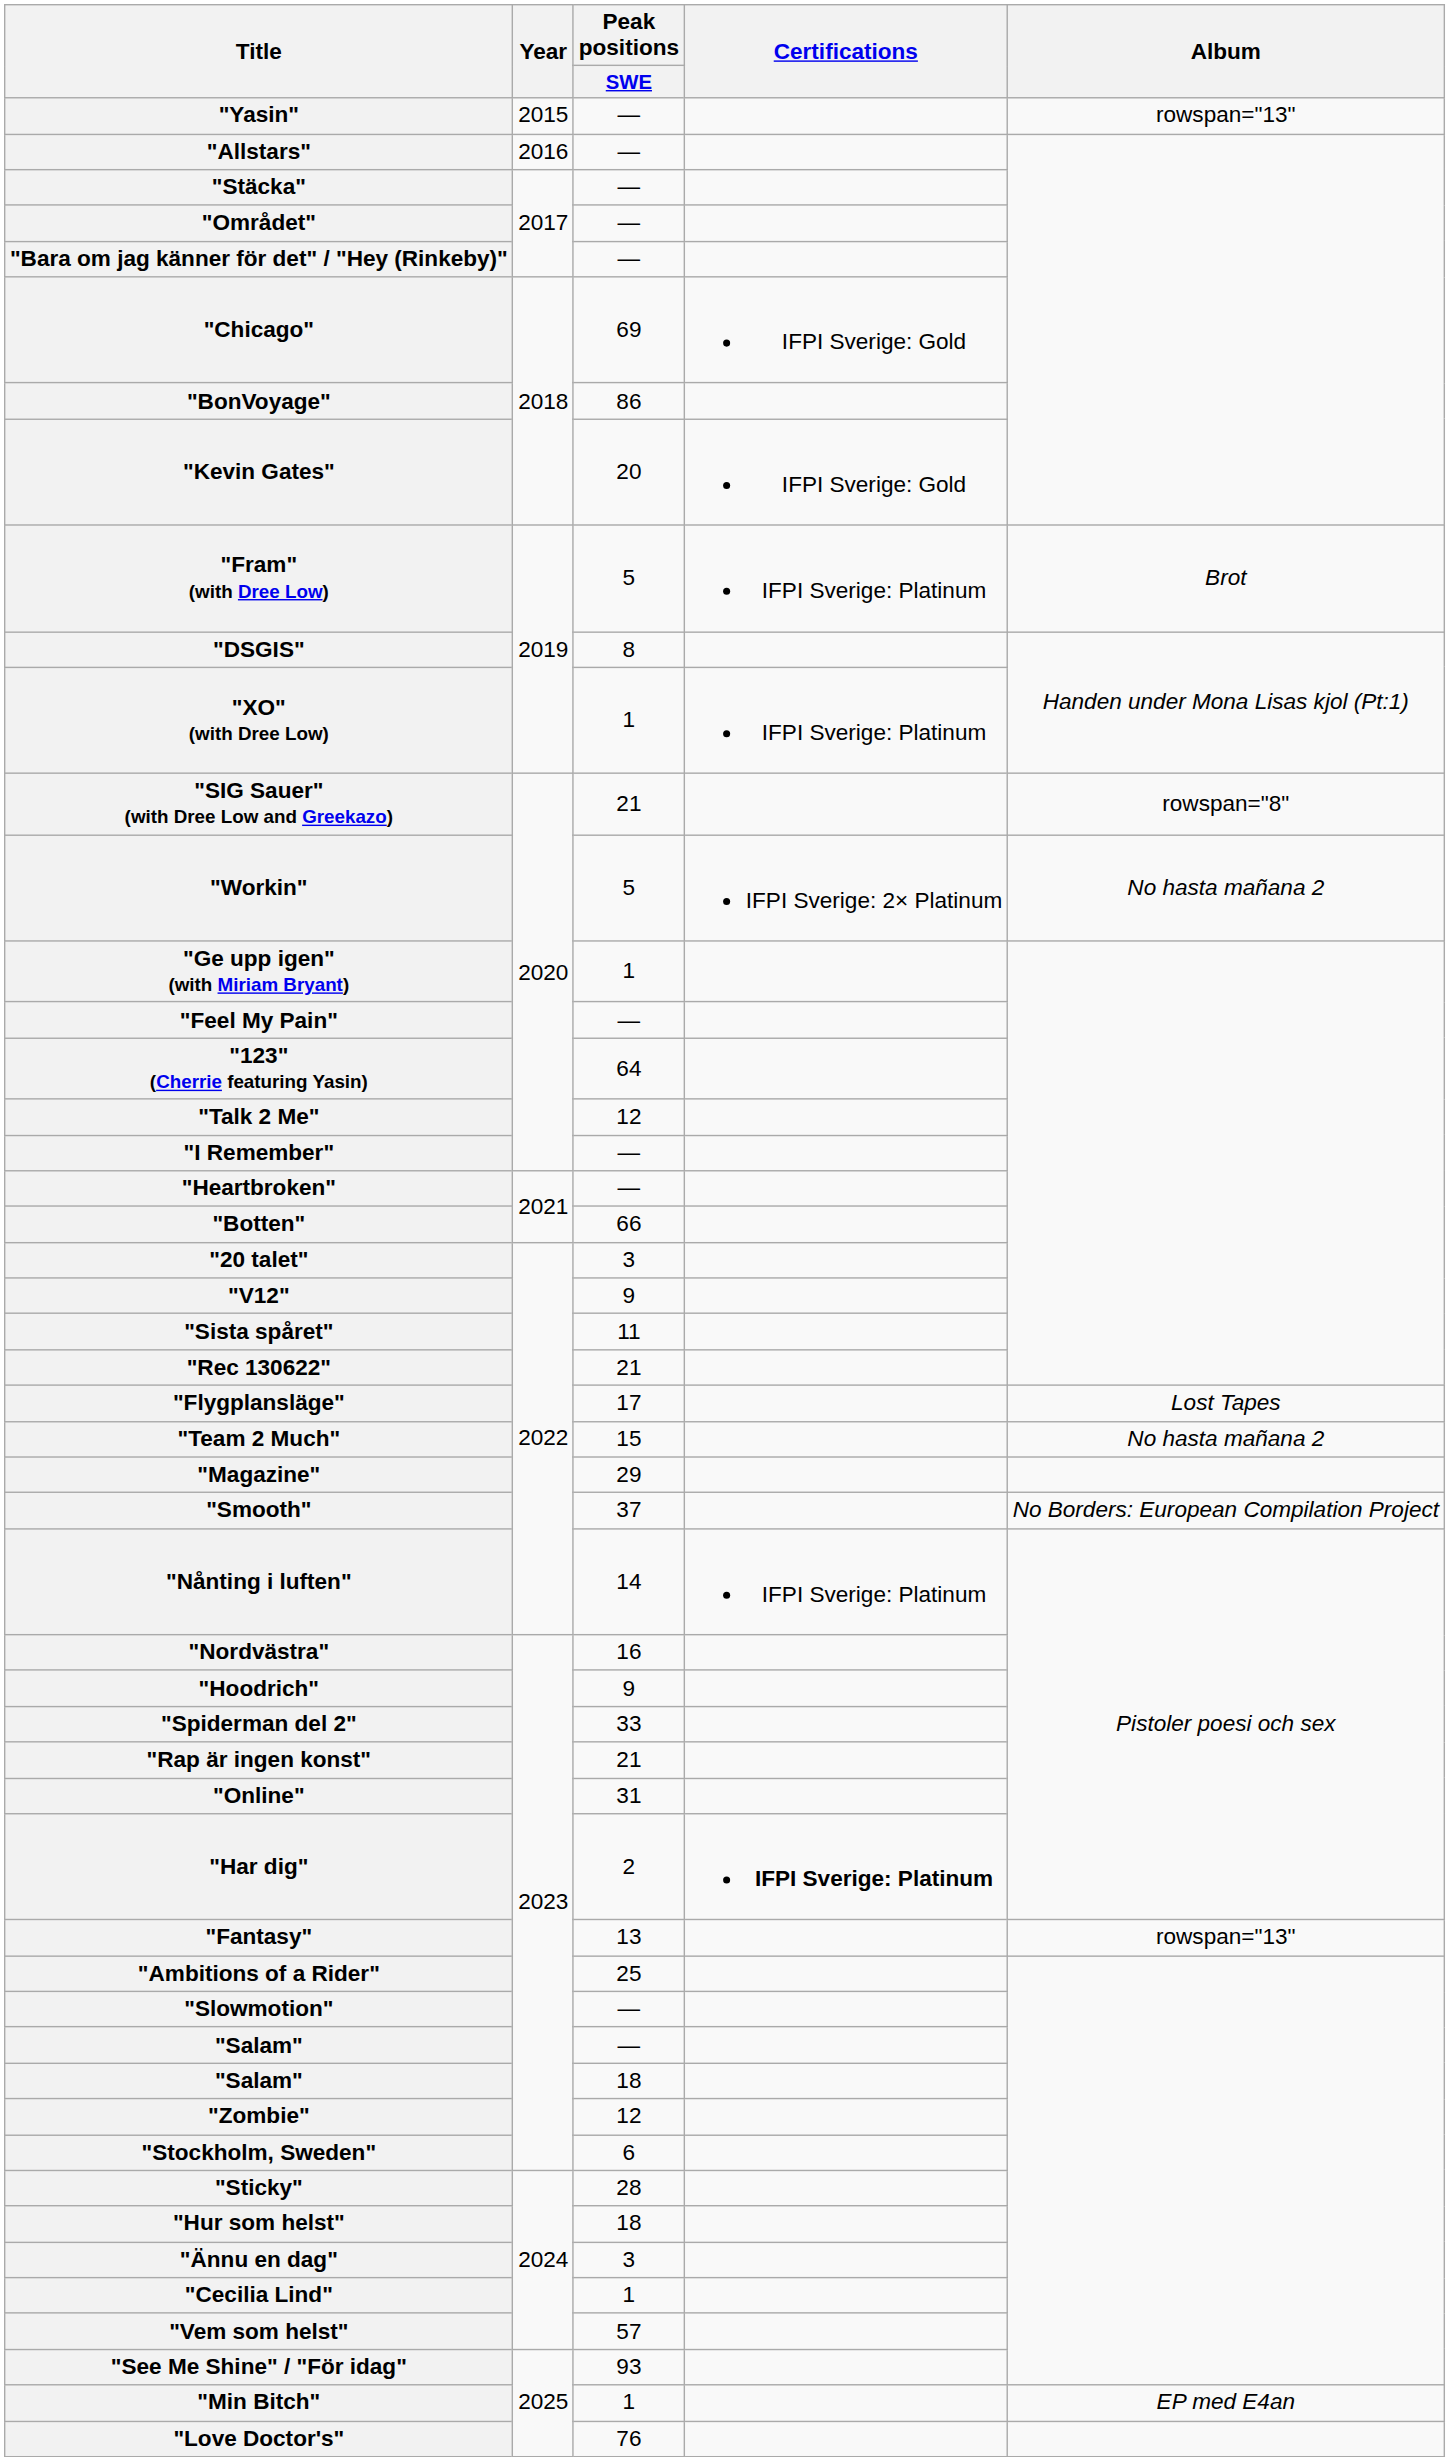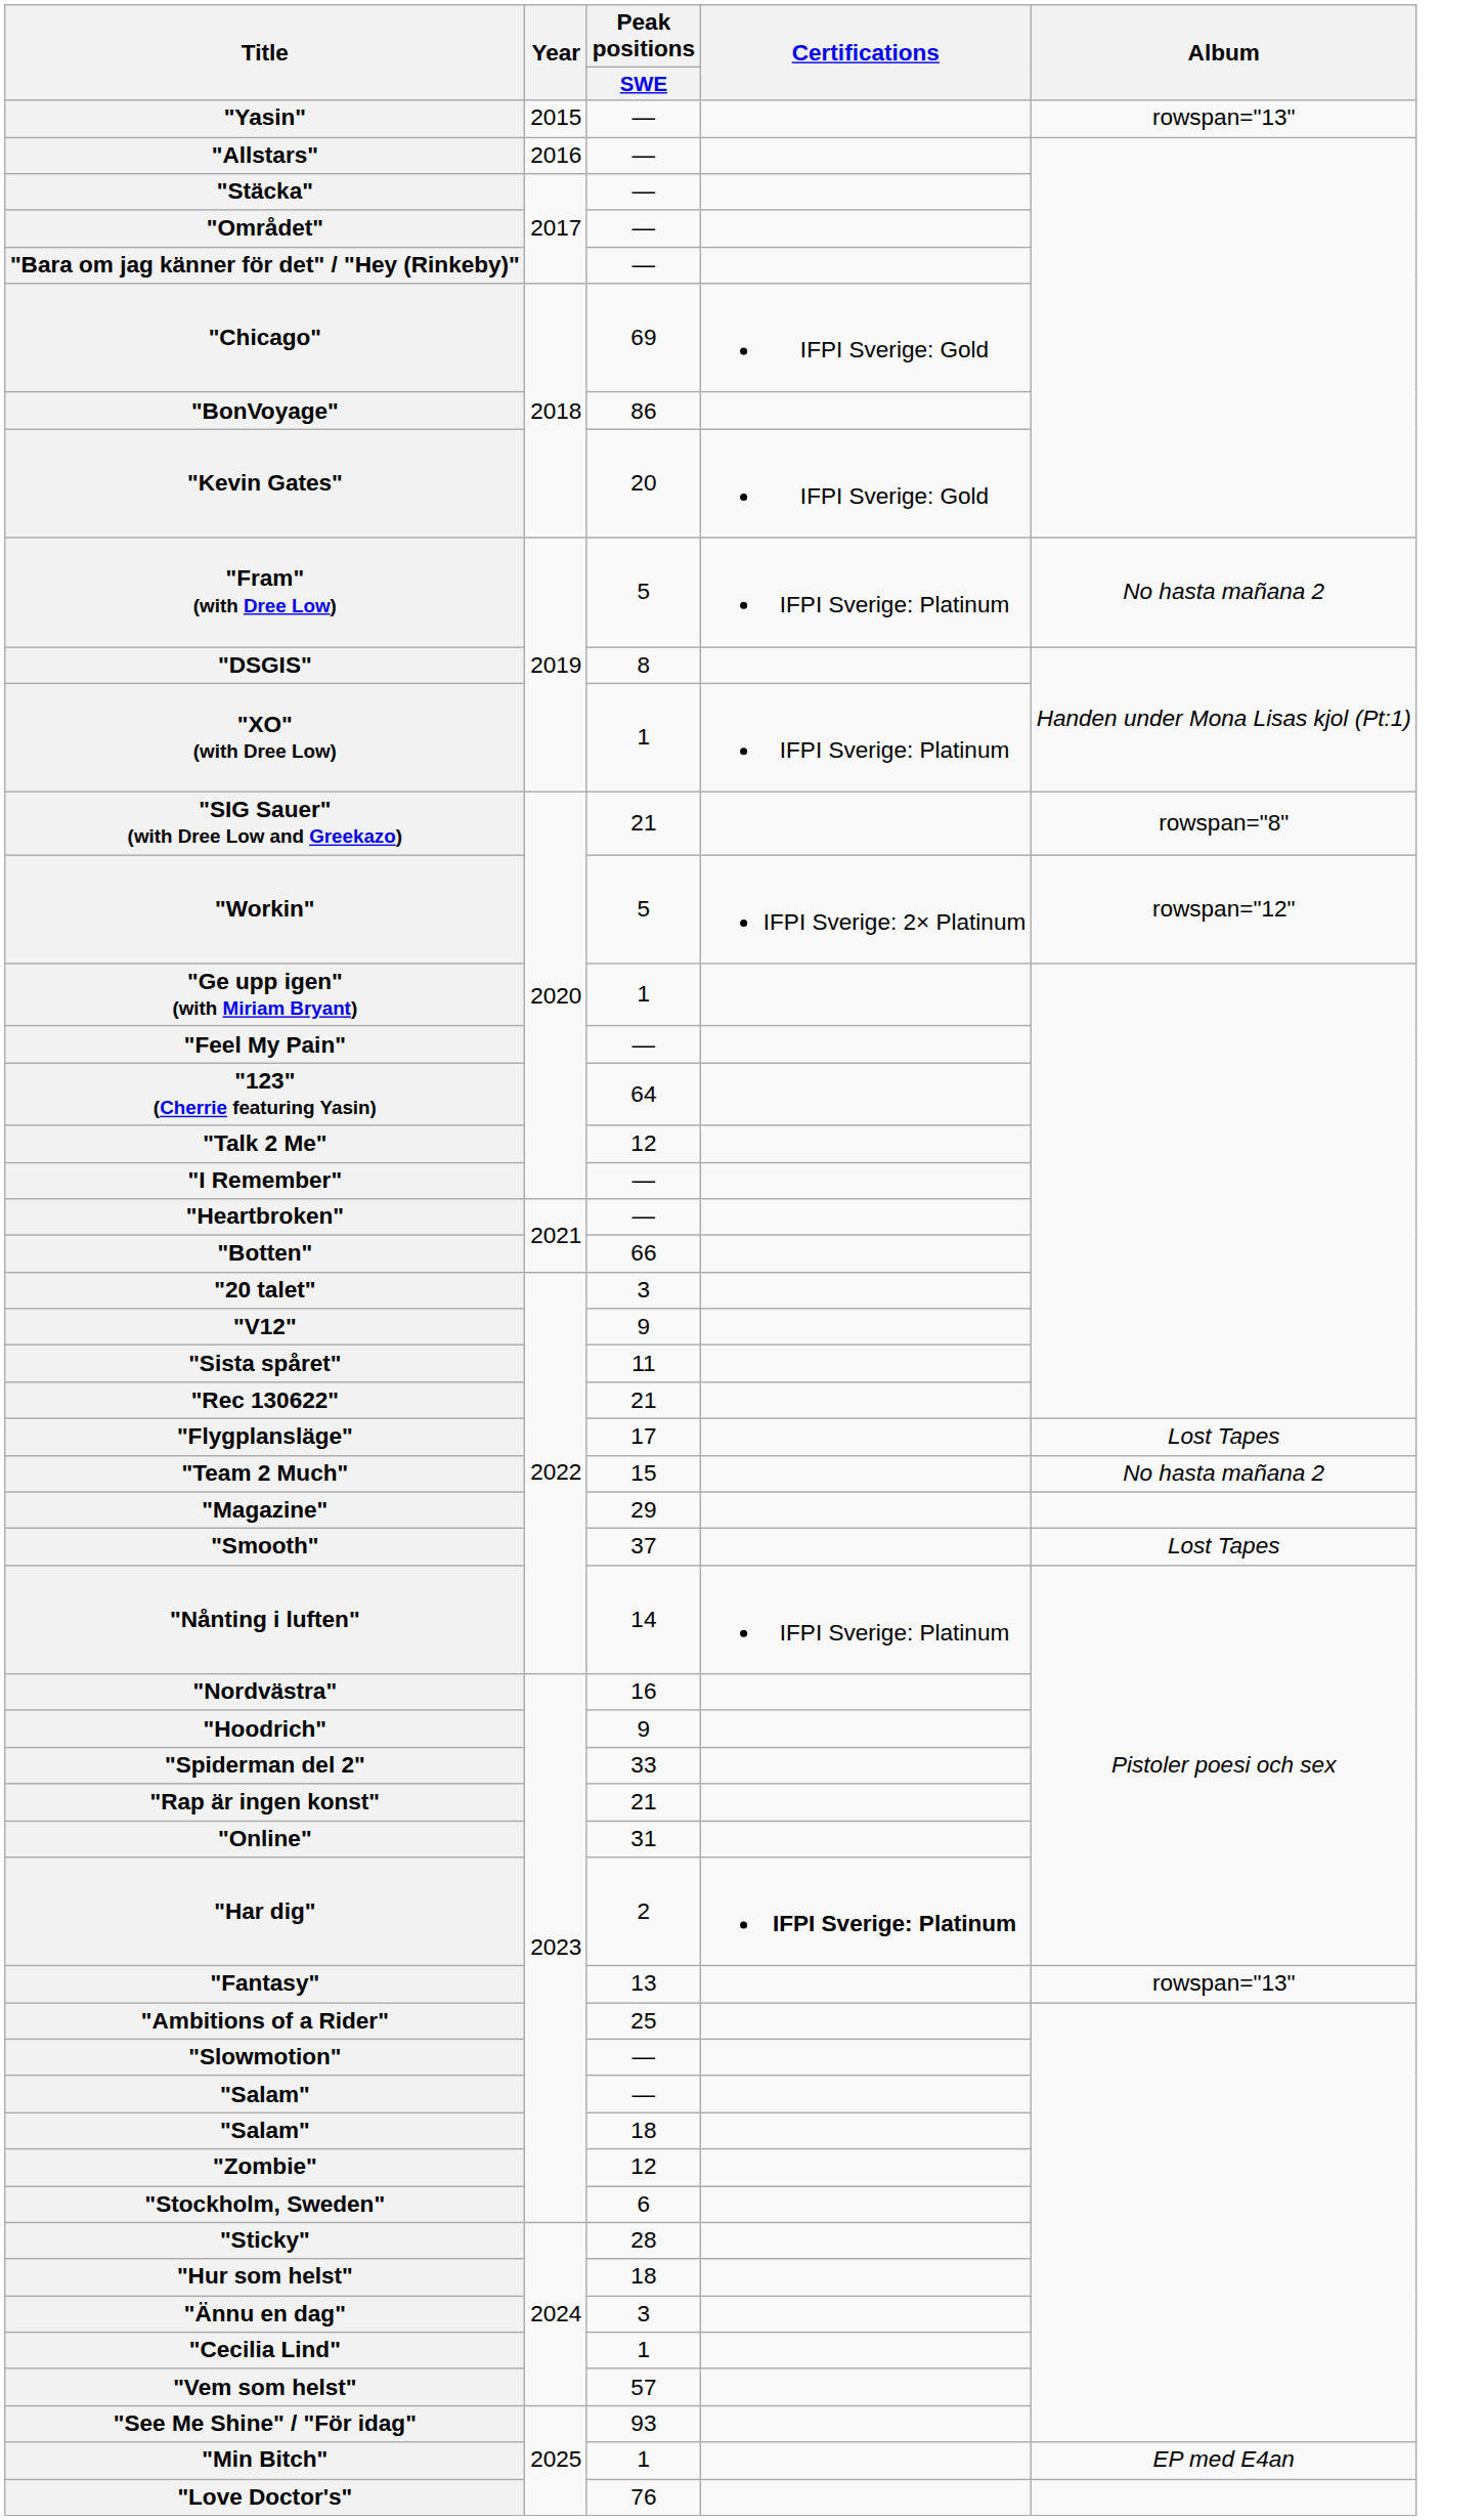 <table class="wikitable plainrowheaders" style="text-align:center">
 <tr>
 <th scope="col" rowspan="2">Title</th>
 <th scope="col" rowspan="2">Year</th>
 <th scope="col" colspan="1">Peak positions</th>
 <th scope="col" rowspan="2"><a href='#'>Certifications</a></th>
 <th scope="col" rowspan="2">Album</th>
 </tr>
 <tr>
 <th scope="col" style="width:3em;font-size:90%;"><a href='#'>SWE</a><br></th>
 </tr>
 <tr>
 <th scope="row">"Yasin"</th>
 <td>2015</td>
 <td>—</td>
 <td></td>
 <td>rowspan="13" </td>
 </tr>
 <tr>
 <th scope="row">"Allstars"</th>
 <td>2016</td>
 <td>—</td>
 <td></td>
 </tr>
 <tr>
 <th scope="row">"Stäcka"</th>
 <td rowspan="3">2017</td>
 <td>—</td>
 <td></td>
 </tr>
 <tr>
 <th scope="row">"Området"</th>
 <td>—</td>
 <td></td>
 </tr>
 <tr>
 <th scope="row">"Bara om jag känner för det" / "Hey (Rinkeby)"</th>
 <td>—</td>
 <td></td>
 </tr>
 <tr>
 <th scope="row">"Chicago"</th>
 <td rowspan="3">2018</td>
 <td>69</td>
 <td><br><ul><li>IFPI Sverige: Gold</li></ul></td>
 </tr>
 <tr>
 <th scope="row">"BonVoyage"</th>
 <td>86</td>
 <td></td>
 </tr>
 <tr>
 <th scope="row">"Kevin Gates"</th>
 <td>20</td>
 <td><br><ul><li>IFPI Sverige: Gold</li></ul></td>
 </tr>
 <tr>
 <th scope="row">"Fram"<br><small>(with <a href='#'>Dree Low</a>)</small></th>
 <td rowspan="3">2019</td>
 <td>5</td>
 <td><br><ul><li>IFPI Sverige: Platinum</li></ul></td>
-<td><em>Brot</em></td>
+<td><em>No hasta mañana 2</em></td>
 </tr>
 <tr>
 <th scope="row">"DSGIS"</th>
 <td>8</td>
 <td></td>
 <td rowspan="2"><em>Handen under Mona Lisas kjol (Pt:1)</em></td>
 </tr>
 <tr>
 <th scope="row">"XO"<br><small>(with Dree Low)</small></th>
 <td>1</td>
 <td><br><ul><li>IFPI Sverige: Platinum</li></ul></td>
 </tr>
 <tr>
 <th scope="row">"SIG Sauer"<br><small>(with Dree Low and <a href='#'>Greekazo</a>)</small></th>
 <td rowspan="7">2020</td>
 <td>21</td>
 <td></td>
 <td>rowspan="8" </td>
 </tr>
 <tr>
 <th scope="row">"Workin"</th>
 <td>5</td>
 <td><br><ul><li>IFPI Sverige: 2× Platinum</li></ul></td>
-<td><em>No hasta mañana 2</em></td>
+<td>rowspan="12" </td>
 </tr>
 <tr>
 <th scope="row">"Ge upp igen"<br><small>(with <a href='#'>Miriam Bryant</a>)</small></th>
 <td>1</td>
 <td></td>
 </tr>
 <tr>
 <th scope="row">"Feel My Pain"</th>
 <td>—</td>
 <td></td>
 </tr>
 <tr>
 <th scope="row">"123"<br><small>(<a href='#'>Cherrie</a> featuring Yasin)</small></th>
 <td>64</td>
 <td></td>
 </tr>
 <tr>
 <th scope="row">"Talk 2 Me"</th>
 <td>12</td>
 <td></td>
 </tr>
 <tr>
 <th scope="row">"I Remember"</th>
 <td>—</td>
 <td></td>
 </tr>
 <tr>
 <th scope="row">"Heartbroken"</th>
 <td rowspan="2">2021</td>
 <td>—</td>
 <td></td>
 </tr>
 <tr>
 <th scope="row">"Botten"<br></th>
 <td>66<br></td>
 <td></td>
 </tr>
 <tr>
 <th scope="row">"20 talet"</th>
 <td rowspan="9">2022</td>
 <td>3</td>
 <td></td>
 </tr>
 <tr>
 <th scope="row">"V12"</th>
 <td>9</td>
 <td></td>
 </tr>
 <tr>
 <th scope="row">"Sista spåret"</th>
 <td>11</td>
 <td></td>
 </tr>
 <tr>
 <th scope="row">"Rec 130622"</th>
 <td>21</td>
 <td></td>
 </tr>
 <tr>
 <th scope="row">"Flygplansläge"<br></th>
 <td>17<br></td>
 <td></td>
 <td><em>Lost Tapes</em></td>
 </tr>
 <tr>
 <th scope="row">"Team 2 Much"<br></th>
 <td>15<br></td>
 <td></td>
 <td><em>No hasta mañana 2</em></td>
 </tr>
 <tr>
 <th scope="row">"Magazine"<br></th>
 <td>29</td>
 <td></td>
 <td></td>
 </tr>
 <tr>
 <th scope="row">"Smooth"<br></th>
 <td>37</td>
 <td></td>
-<td><em>No Borders: European Compilation Project</em></td>
+<td><em>Lost Tapes</em></td>
 </tr>
 <tr>
 <th scope="row">"Nånting i luften"</th>
 <td>14</td>
 <td><br><ul><li>IFPI Sverige: Platinum</li></ul></td>
 <td rowspan="7"><em>Pistoler poesi och sex</em></td>
 </tr>
 <tr>
 <th scope="row">"Nordvästra"</th>
 <td rowspan="13">2023</td>
 <td>16</td>
 <td></td>
 </tr>
 <tr>
 <th scope="row">"Hoodrich"</th>
 <td>9</td>
 <td></td>
 </tr>
 <tr>
 <th scope="row">"Spiderman del 2"</th>
 <td>33</td>
 <td></td>
 </tr>
 <tr>
 <th scope="row">"Rap är ingen konst"</th>
 <td>21</td>
 <td></td>
 </tr>
 <tr>
 <th scope="row">"Online"</th>
 <td>31</td>
 <td></td>
 </tr>
 <tr>
 <th scope="row">"Har dig"</th>
 <td>2</td>
 <td><strong><br><ul><li>IFPI Sverige: Platinum</li></ul></strong></td>
 </tr>
 <tr>
 <th scope="row">"Fantasy"</th>
 <td>13</td>
 <td></td>
 <td>rowspan="13" </td>
 </tr>
 <tr>
 <th scope="row">"Ambitions of a Rider"<br></th>
 <td>25<br></td>
 <td></td>
 </tr>
 <tr>
 <th scope="row">"Slowmotion"<br></th>
 <td>—</td>
 <td></td>
 </tr>
 <tr>
 <th scope="row">"Salam"</th>
 <td>—</td>
 <td></td>
 </tr>
 <tr>
 <th scope="row">"Salam"</th>
 <td>18<br></td>
 <td></td>
 </tr>
 <tr>
 <th scope="row">"Zombie"<br></th>
 <td>12<br></td>
 <td></td>
 </tr>
 <tr>
 <th scope="row">"Stockholm, Sweden"</th>
 <td>6<br></td>
 <td></td>
 </tr>
 <tr>
 <th scope="row">"Sticky"<br></th>
 <td rowspan="5">2024</td>
 <td>28<br></td>
 <td></td>
 </tr>
 <tr>
 <th scope="row">"Hur som helst"</th>
 <td>18<br></td>
 <td></td>
 </tr>
 <tr>
 <th scope="row">"Ännu en dag"<br></th>
 <td>3<br></td>
 <td></td>
 </tr>
 <tr>
 <th scope="row">"Cecilia Lind"</th>
 <td>1<br></td>
 <td></td>
 </tr>
 <tr>
 <th scope="row">"Vem som helst"</th>
 <td>57<br></td>
 <td></td>
 </tr>
 <tr>
 <th scope="row">"See Me Shine" / "För idag"</th>
 <td rowspan="3">2025</td>
 <td>93<br></td>
 <td></td>
 </tr>
 <tr>
 <th scope="row">"Min Bitch"</th>
 <td>1<br></td>
 <td></td>
 <td><em>EP med E4an</em></td>
 </tr>
 <tr>
 <th scope="row">"Love Doctor's"<br></th>
 <td>76<br></td>
 <td></td>
 <td></td>
 </tr>
 </table>
